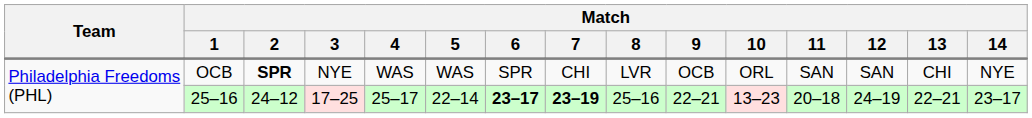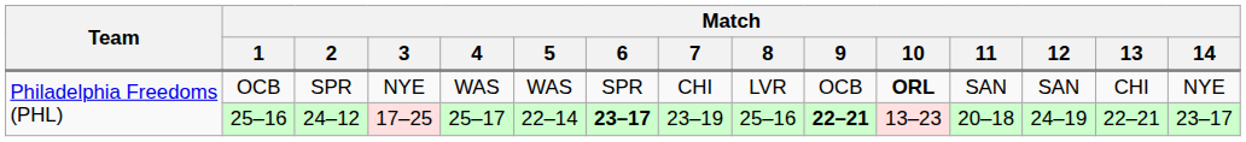 <table class="wikitable nowrap" style=text-align:center>
 <tr>
 <th rowspan="2">Team</th>
 <th colspan="14">Match</th>
 </tr>
 <tr>
 <th width=50>1</th>
 <th width=50>2</th>
 <th width=50>3</th>
 <th width=50>4</th>
 <th width=50>5</th>
 <th width=50>6</th>
 <th width=50>7</th>
 <th width=50>8</th>
 <th width=50>9</th>
 <th width=50>10</th>
 <th width=50>11</th>
 <th width=50>12</th>
 <th width=50>13</th>
 <th width=50>14<br></th>
 </tr>
 <tr style="border-top:2px solid gray;">
 </tr>
 <tr style="border-top:2px solid gray;">
 <td rowspan="2" align="left"><a href='#'>Philadelphia Freedoms</a> <br> (PHL)</td>
 <td>OCB</td>
-<td><strong>SPR</strong></td>
+<td>SPR</td>
 <td>NYE</td>
 <td>WAS</td>
 <td>WAS</td>
 <td>SPR</td>
 <td>CHI</td>
 <td>LVR</td>
 <td>OCB</td>
-<td>ORL</td>
+<td><strong>ORL</strong></td>
 <td>SAN</td>
 <td>SAN</td>
 <td>CHI</td>
 <td>NYE</td>
 </tr>
 <tr>
 <td bgcolor=ccffcc>25–16</td>
 <td bgcolor=ccffcc>24–12</td>
 <td bgcolor=ffdfdf>17–25</td>
 <td bgcolor=ccffcc>25–17</td>
 <td bgcolor=ccffcc>22–14</td>
 <td bgcolor=ccffcc><strong>23–17</strong></td>
-<td bgcolor=ccffcc><strong>23–19</strong></td>
+<td bgcolor=ccffcc>23–19</td>
 <td bgcolor=ccffcc>25–16</td>
-<td bgcolor=ccffcc>22–21</td>
+<td bgcolor=ccffcc><strong>22–21</strong></td>
 <td bgcolor=ffdfdf>13–23</td>
 <td bgcolor=ccffcc>20–18</td>
 <td bgcolor=ccffcc>24–19</td>
 <td bgcolor=ccffcc>22–21</td>
 <td bgcolor=ccffcc>23–17</td>
 </tr>
 </table>
